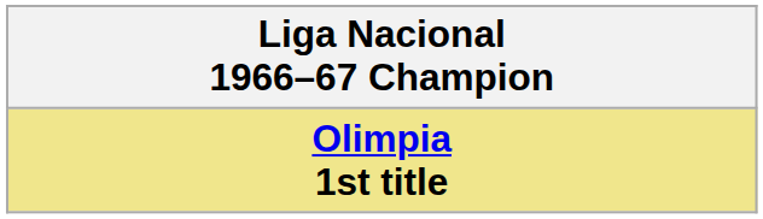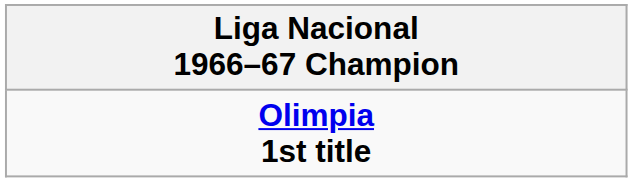 <table class="wikitable" style="text-align: center; margin: 0 auto; width: 20%">
 <tr>
 <th>Liga Nacional<br>1966–67 Champion</th>
 </tr>
 <tr>
-<td style="background: khaki;"><strong><a href='#'>Olimpia</a></strong><br><strong>1st title</strong></td>
+<td><strong><a href='#'>Olimpia</a></strong><br><strong>1st title</strong></td>
 </tr>
 </table>
